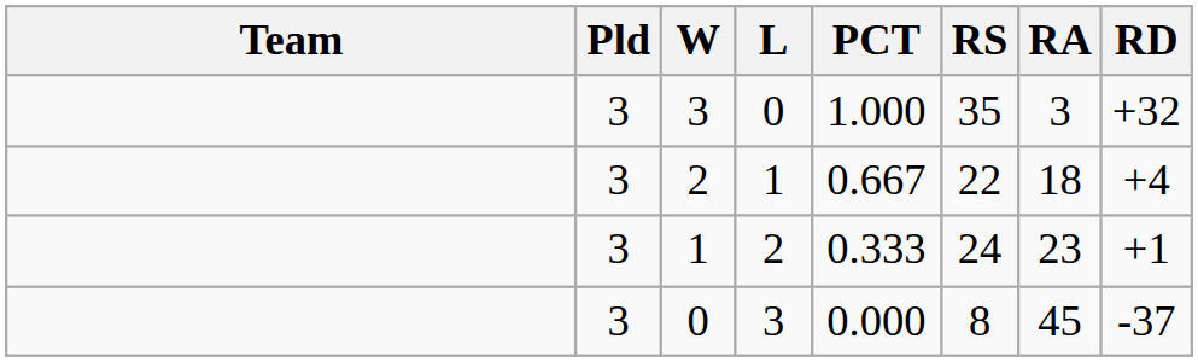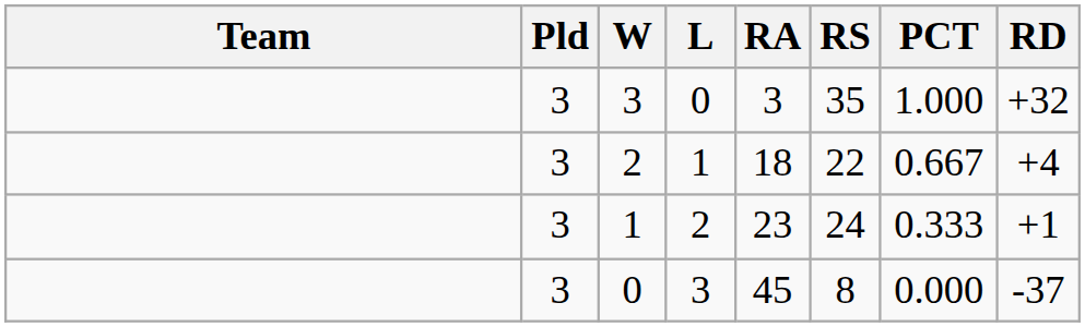 <table class=wikitable style="text-align:center">
 <tr>
 <th width=200>Team</th>
 <th width=20>Pld</th>
 <th width=20>W</th>
 <th width=20>L</th>
+<th width=20>RA</th>
+<th width=20>RS</th>
 <th width=40>PCT</th>
-<th width=20>RS</th>
-<th width=20>RA</th>
 <th width=20>RD</th>
 </tr>
 <tr>
 <td align=left><strong></strong></td>
 <td>3</td>
 <td>3</td>
 <td>0</td>
+<td>3</td>
+<td>35</td>
 <td>1.000</td>
-<td>35</td>
-<td>3</td>
 <td>+32</td>
 </tr>
 <tr>
 <td align=left><strong></strong></td>
 <td>3</td>
 <td>2</td>
 <td>1</td>
+<td>18</td>
+<td>22</td>
 <td>0.667</td>
-<td>22</td>
-<td>18</td>
 <td>+4</td>
 </tr>
 <tr>
 <td align=left></td>
 <td>3</td>
 <td>1</td>
 <td>2</td>
+<td>23</td>
+<td>24</td>
 <td>0.333</td>
-<td>24</td>
-<td>23</td>
 <td>+1</td>
 </tr>
 <tr>
 <td align=left></td>
 <td>3</td>
 <td>0</td>
 <td>3</td>
+<td>45</td>
+<td>8</td>
 <td>0.000</td>
-<td>8</td>
-<td>45</td>
 <td>-37</td>
 </tr>
 </table>
